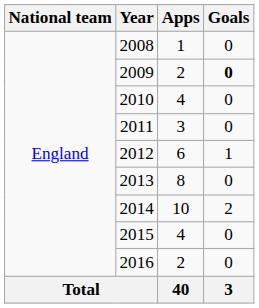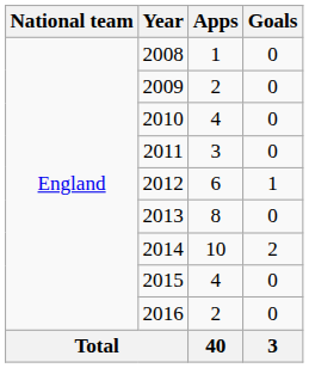 <table class=wikitable style=text-align:center>
 <tr>
 <th>National team</th>
 <th>Year</th>
 <th>Apps</th>
 <th>Goals</th>
 </tr>
 <tr>
 <td rowspan=9><a href='#'>England</a></td>
 <td>2008</td>
 <td>1</td>
 <td>0</td>
 </tr>
 <tr>
 <td>2009</td>
 <td>2</td>
-<td><strong>0</strong></td>
+<td>0</td>
 </tr>
 <tr>
 <td>2010</td>
 <td>4</td>
 <td>0</td>
 </tr>
 <tr>
 <td>2011</td>
 <td>3</td>
 <td>0</td>
 </tr>
 <tr>
 <td>2012</td>
 <td>6</td>
 <td>1</td>
 </tr>
 <tr>
 <td>2013</td>
 <td>8</td>
 <td>0</td>
 </tr>
 <tr>
 <td>2014</td>
 <td>10</td>
 <td>2</td>
 </tr>
 <tr>
 <td>2015</td>
 <td>4</td>
 <td>0</td>
 </tr>
 <tr>
 <td>2016</td>
 <td>2</td>
 <td>0</td>
 </tr>
 <tr>
 <th colspan=2>Total</th>
 <th>40</th>
 <th>3</th>
 </tr>
 </table>
